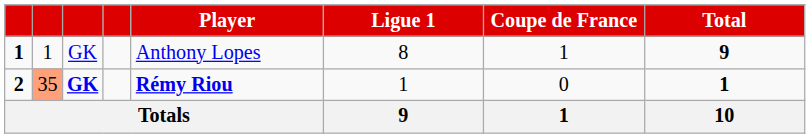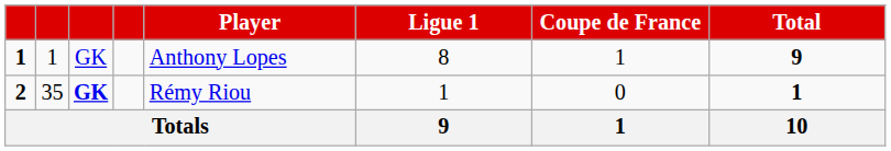 <table class="wikitable"; style="text-align:center">
 <tr>
 <th style="background:#DD0000; color:white; width:15px"></th>
 <th style="background:#DD0000; color:white; width:15px"></th>
 <th style="background:#DD0000; color:white; width:15px"></th>
 <th style="background:#DD0000; color:white; width:15px"></th>
 <th style="background:#DD0000; color:white; width:145px">Player</th>
 <th style="background:#DD0000; color:white; width:120px">Ligue 1</th>
 <th style="background:#DD0000; color:white; width:120px">Coupe de France</th>
 <th style="background:#DD0000; color:white; width:120px">Total</th>
 </tr>
 <tr>
 <td><strong>1</strong></td>
 <td>1</td>
 <td><a href='#'>GK</a></td>
 <td></td>
 <td align=left><a href='#'>Anthony Lopes</a></td>
 <td>8</td>
 <td>1</td>
 <td><strong>9</strong></td>
 </tr>
 <tr>
 <td><strong>2</strong></td>
-<td style="background: lightsalmon;">35</td>
+<td>35</td>
 <td><strong><a href='#'>GK</a></strong></td>
 <td></td>
-<td align=left><strong><a href='#'>Rémy Riou</a></strong></td>
+<td align=left><a href='#'>Rémy Riou</a></td>
 <td>1</td>
 <td>0</td>
 <td><strong>1</strong></td>
 </tr>
 <tr>
 <th colspan=5><strong>Totals</strong></th>
 <th><strong>9</strong></th>
 <th><strong>1</strong></th>
 <th><strong>10</strong></th>
 </tr>
 </table>
